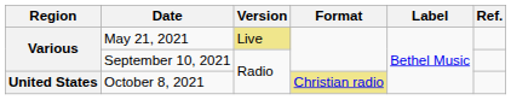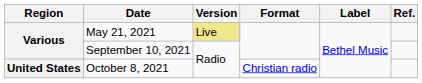 <table class="wikitable plainrowheaders">
 <tr>
 <th scope="col">Region</th>
 <th scope="col">Date</th>
 <th scope="col">Version</th>
 <th scope="col">Format</th>
 <th scope="col">Label</th>
 <th scope="col">Ref.</th>
 </tr>
 <tr>
 <th scope="row" rowspan="2">Various</th>
 <td>May 21, 2021</td>
 <td style="background: khaki;">Live<br></td>
 <td rowspan="2"></td>
 <td rowspan="3"><a href='#'>Bethel Music</a></td>
 <td></td>
 </tr>
 <tr>
 <td>September 10, 2021</td>
 <td rowspan="2">Radio<br></td>
 <td></td>
 </tr>
 <tr>
 <th scope="row">United States</th>
 <td>October 8, 2021</td>
-<td style="background: khaki;"><a href='#'>Christian radio</a></td>
+<td><a href='#'>Christian radio</a></td>
 <td></td>
 </tr>
 </table>
